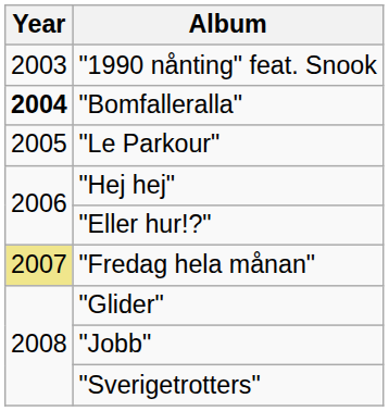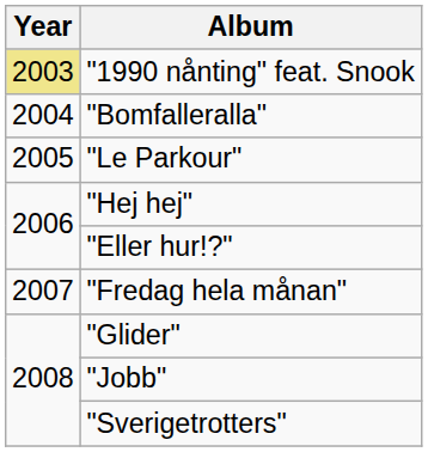 <table class="wikitable">
 <tr>
 <th>Year</th>
 <th>Album</th>
 </tr>
 <tr>
-<td>2003</td>
+<td style="background: khaki;">2003</td>
 <td>"1990 nånting" feat. Snook</td>
 </tr>
 <tr>
-<td><strong>2004</strong></td>
+<td>2004</td>
 <td>"Bomfalleralla"</td>
 </tr>
 <tr>
 <td>2005</td>
 <td>"Le Parkour"</td>
 </tr>
 <tr>
 <td rowspan= "2">2006</td>
 <td>"Hej hej"</td>
 </tr>
 <tr>
 <td>"Eller hur!?"</td>
 </tr>
 <tr>
-<td style="background: khaki;">2007</td>
+<td>2007</td>
 <td>"Fredag hela månan"</td>
 </tr>
 <tr>
 <td rowspan= "3">2008</td>
 <td>"Glider"</td>
 </tr>
 <tr>
 <td>"Jobb"</td>
 </tr>
 <tr>
 <td>"Sverigetrotters"</td>
 </tr>
 </table>
